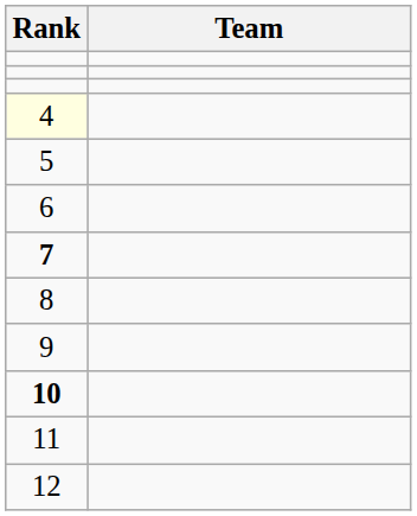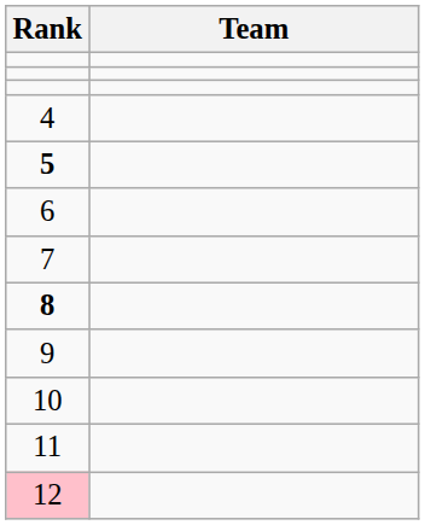 <table class="wikitable">
 <tr>
 <th>Rank</th>
 <th width=170>Team</th>
 </tr>
 <tr>
 <td align=center></td>
 <td></td>
 </tr>
 <tr>
 <td align=center></td>
 <td></td>
 </tr>
 <tr>
 <td align=center></td>
 <td></td>
 </tr>
 <tr>
-<td align=center style="background: lightyellow;">4</td>
+<td align=center>4</td>
 <td></td>
 </tr>
 <tr>
-<td align=center>5</td>
+<td align=center><strong>5</strong></td>
 <td></td>
 </tr>
 <tr>
 <td align=center>6</td>
 <td></td>
 </tr>
 <tr>
-<td align=center><strong>7</strong></td>
+<td align=center>7</td>
 <td></td>
 </tr>
 <tr>
-<td align=center>8</td>
+<td align=center><strong>8</strong></td>
 <td></td>
 </tr>
 <tr>
 <td align=center>9</td>
 <td></td>
 </tr>
 <tr>
-<td align=center><strong>10</strong></td>
+<td align=center>10</td>
 <td></td>
 </tr>
 <tr>
 <td align=center>11</td>
 <td></td>
 </tr>
 <tr>
-<td align=center>12</td>
+<td align=center style="background: pink;">12</td>
 <td></td>
 </tr>
 </table>
